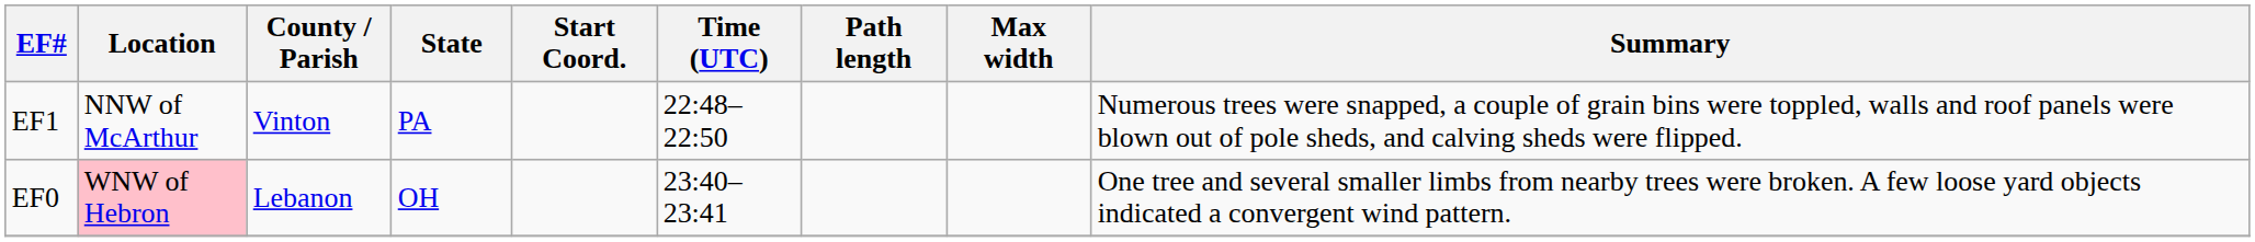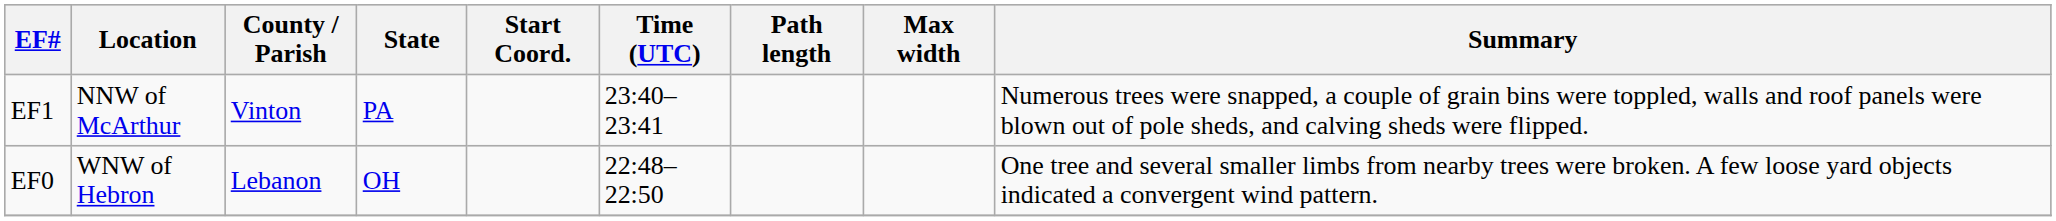 <table class="wikitable sortable" style="width:100%;">
 <tr>
 <th scope="col"  style="width:3%; text-align:center;"><a href='#'>EF#</a></th>
 <th scope="col"  style="width:7%; text-align:center;" class="unsortable">Location</th>
 <th scope="col"  style="width:6%; text-align:center;" class="unsortable">County / Parish</th>
 <th scope="col"  style="width:5%; text-align:center;">State</th>
 <th scope="col"  style="width:6%; text-align:center;">Start Coord.</th>
 <th scope="col"  style="width:6%; text-align:center;">Time (<a href='#'>UTC</a>)</th>
 <th scope="col"  style="width:6%; text-align:center;">Path length</th>
 <th scope="col"  style="width:6%; text-align:center;">Max width</th>
 <th scope="col" class="unsortable" style="width:48%; text-align:center;">Summary</th>
 </tr>
 <tr>
 <td>EF1</td>
 <td>NNW of <a href='#'>McArthur</a></td>
 <td><a href='#'>Vinton</a></td>
 <td><a href='#'>PA</a></td>
 <td></td>
-<td>22:48–22:50</td>
+<td>23:40–23:41</td>
 <td></td>
 <td></td>
 <td>Numerous trees were snapped, a couple of grain bins were toppled, walls and roof panels were blown out of pole sheds, and calving sheds were flipped.</td>
 </tr>
 <tr>
 <td>EF0</td>
-<td style="background: pink;">WNW of <a href='#'>Hebron</a></td>
+<td>WNW of <a href='#'>Hebron</a></td>
 <td><a href='#'>Lebanon</a></td>
 <td><a href='#'>OH</a></td>
 <td></td>
-<td>23:40–23:41</td>
+<td>22:48–22:50</td>
 <td></td>
 <td></td>
 <td>One tree and several smaller limbs from nearby trees were broken. A few loose yard objects indicated a convergent wind pattern.</td>
 </tr>
 <tr>
 </tr>
 </table>
